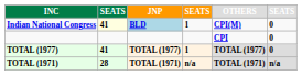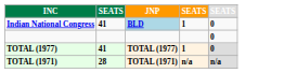 <table class="wikitable" style="font-weight: bold; font-size: x-small; font-family: verdana">
 <tr>
 <th style="background-color:#007D48; color:white">INC</th>
 <th style="background-color:#007D48; color:white">SEATS</th>
 <th style="background-color:#FF9900; color:white">JNP</th>
 <th style="background-color:#FF9900; color:white">SEATS</th>
-<th style="background-color:#DDDDDD; color:white">OTHERS</th>
 <th style="background-color:#DDDDDD; color:white">SEATS</th>
 </tr>
 <tr --->
 <td><a href='#'>Indian National Congress</a></td>
-<td style="background: lightyellow;">41</td>
+<td>41</td>
 <td style="background: lightblue;"><a href='#'>BLD</a></td>
 <td>1</td>
-<td><a href='#'>CPI(M)</a></td>
 <td>0</td>
 </tr>
 <tr --->
 <td></td>
 <td></td>
 <td></td>
 <td></td>
-<td><a href='#'>CPI</a></td>
 <td>0</td>
 </tr>
 <tr --->
 <td bgcolor=#E6FFE6>TOTAL (1977)</td>
 <td bgcolor=#E6FFE6>41</td>
 <td bgcolor=#FFF3E1>TOTAL (1977)</td>
 <td bgcolor=#FFF3E1>1</td>
-<td bgcolor=#DDDDDD>TOTAL (1977)</td>
 <td bgcolor=#DDDDDD>0</td>
 </tr>
 <tr --->
 <td bgcolor=#E6FFE6>TOTAL (1971)</td>
 <td bgcolor=#E6FFE6>28</td>
 <td bgcolor=#FFF3E1>TOTAL (1971)</td>
 <td bgcolor=#FFF3E1>n/a</td>
-<td bgcolor=#DDDDDD>TOTAL (1971)</td>
 <td bgcolor=#DDDDDD>n/a</td>
 </tr>
 </table>
